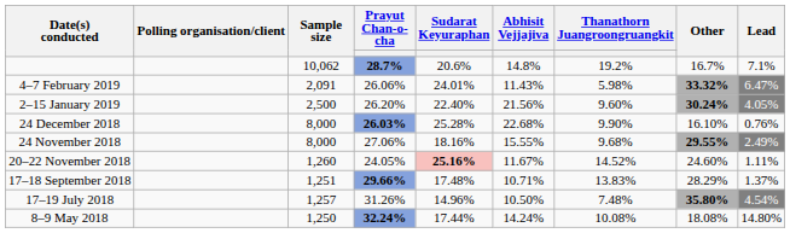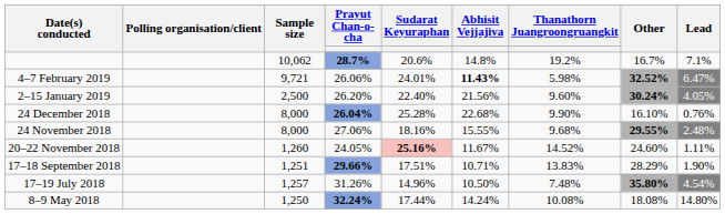 <table class="wikitable collapsible sortable" style="text-align:center;font-size:90%;line-height:14px">
 <tr>
 <th rowspan=2 class="unsortable">Date(s)<br>conducted</th>
 <th rowspan=2>Polling organisation/client</th>
 <th rowspan="2" style="width:65px;">Sample size</th>
 <th style="width:60px;" class="unsortable"><a href='#'>Prayut Chan-o-cha</a></th>
 <th style="width:60px;" class="unsortable"><a href='#'>Sudarat Keyuraphan</a></th>
 <th style="width:60px;" class="unsortable"><a href='#'>Abhisit Vejjajiva</a></th>
 <th style="width:60px;" class="unsortable"><a href='#'>Thanathorn Juangroongruangkit</a></th>
 <th rowspan="2" style="width:60px;" class="unsortable">Other</th>
 <th rowspan="2" class="unsortable" style="width:20px;">Lead</th>
 </tr>
 <tr>
 <th class="unsortable" style="color:inherit;background:"></th>
 <th class="unsortable" style="color:inherit;background:"></th>
 <th class="unsortable" style="color:inherit;background:"></th>
 <th class="unsortable" style="color:inherit;background:"></th>
 </tr>
 <tr>
 <td></td>
 <td></td>
 <td>10,062</td>
 <td style="background:#85a2dd;"><strong>28.7%</strong></td>
 <td>20.6%</td>
 <td>14.8%</td>
 <td>19.2%</td>
 <td>16.7%</td>
 <td style="background:">7.1%</td>
 </tr>
 <tr>
 <td>4–7 February 2019</td>
 <td></td>
-<td>2,091</td>
+<td>9,721</td>
 <td>26.06%</td>
 <td>24.01%</td>
-<td>11.43%</td>
+<td><strong>11.43%</strong></td>
 <td>5.98%</td>
-<td style="background:#B1B1B1;"><strong>33.32%</strong></td>
+<td style="background:#B1B1B1;"><strong>32.52%</strong></td>
 <td style="background:grey; color:white;">6.47%</td>
 </tr>
 <tr>
 <td>2–15 January 2019</td>
 <td></td>
 <td>2,500</td>
 <td>26.20%</td>
 <td>22.40%</td>
 <td>21.56%</td>
 <td>9.60%</td>
 <td style="background:#B1B1B1;"><strong>30.24%</strong></td>
 <td style="background:grey; color:white;">4.05%</td>
 </tr>
 <tr>
 <td>24 December 2018</td>
 <td></td>
 <td>8,000</td>
-<td style="background:#85a2dd;"><strong>26.03%</strong></td>
+<td style="background:#85a2dd;"><strong>26.04%</strong></td>
 <td>25.28%</td>
 <td>22.68%</td>
 <td>9.90%</td>
 <td>16.10%</td>
 <td style="background:">0.76%</td>
 </tr>
 <tr>
 <td>24 November 2018</td>
 <td></td>
 <td>8,000</td>
 <td>27.06%</td>
 <td>18.16%</td>
 <td>15.55%</td>
 <td>9.68%</td>
 <td style="background:#B1B1B1;"><strong>29.55%</strong></td>
-<td style="background:grey; color:white;">2.49%</td>
+<td style="background:grey; color:white;">2.48%</td>
 </tr>
 <tr>
 <td>20–22 November 2018</td>
 <td></td>
 <td>1,260</td>
 <td>24.05%</td>
 <td style="background:#F8C1BE"><strong>25.16%</strong></td>
 <td>11.67%</td>
 <td>14.52%</td>
 <td>24.60%</td>
 <td style="background:">1.11%</td>
 </tr>
 <tr>
 <td>17–18 September 2018</td>
 <td></td>
 <td>1,251</td>
 <td style="background:#85a2dd;"><strong>29.66%</strong></td>
-<td>17.48%</td>
+<td>17.51%</td>
 <td>10.71%</td>
 <td>13.83%</td>
 <td>28.29%</td>
-<td style="background:">1.37%</td>
+<td style="background:">1.90%</td>
 </tr>
 <tr>
 <td>17–19 July 2018</td>
 <td></td>
 <td>1,257</td>
 <td>31.26%</td>
 <td>14.96%</td>
 <td>10.50%</td>
 <td>7.48%</td>
 <td style="background:#B1B1B1;"><strong>35.80%</strong></td>
 <td style="background:grey; color:white;">4.54%</td>
 </tr>
 <tr>
 <td>8–9 May 2018</td>
 <td></td>
 <td>1,250</td>
 <td style="background:#85a2dd;"><strong>32.24%</strong></td>
 <td>17.44%</td>
 <td>14.24%</td>
 <td>10.08%</td>
 <td>18.08%</td>
 <td style="background:">14.80%</td>
 </tr>
 </table>
